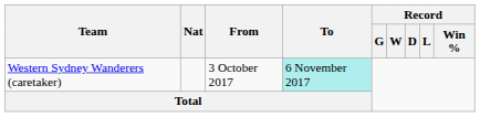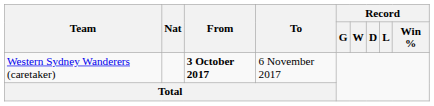 <table class="wikitable" style="text-align: center">
 <tr>
 <th rowspan=2>Team</th>
 <th rowspan=2>Nat</th>
 <th rowspan=2>From</th>
 <th rowspan=2>To</th>
 <th colspan=5>Record</th>
 </tr>
 <tr>
 <th>G</th>
 <th>W</th>
 <th>D</th>
 <th>L</th>
 <th>Win %</th>
 </tr>
 <tr>
 <td align=left><a href='#'>Western Sydney Wanderers</a> (caretaker)</td>
 <td></td>
-<td align=left>3 October 2017</td>
-<td align=left style="background: paleturquoise;">6 November 2017<br></td>
+<td align=left><strong>3 October 2017</strong></td>
+<td align=left>6 November 2017<br></td>
 </tr>
 <tr>
 <th colspan=4>Total<br></th>
 </tr>
 </table>
